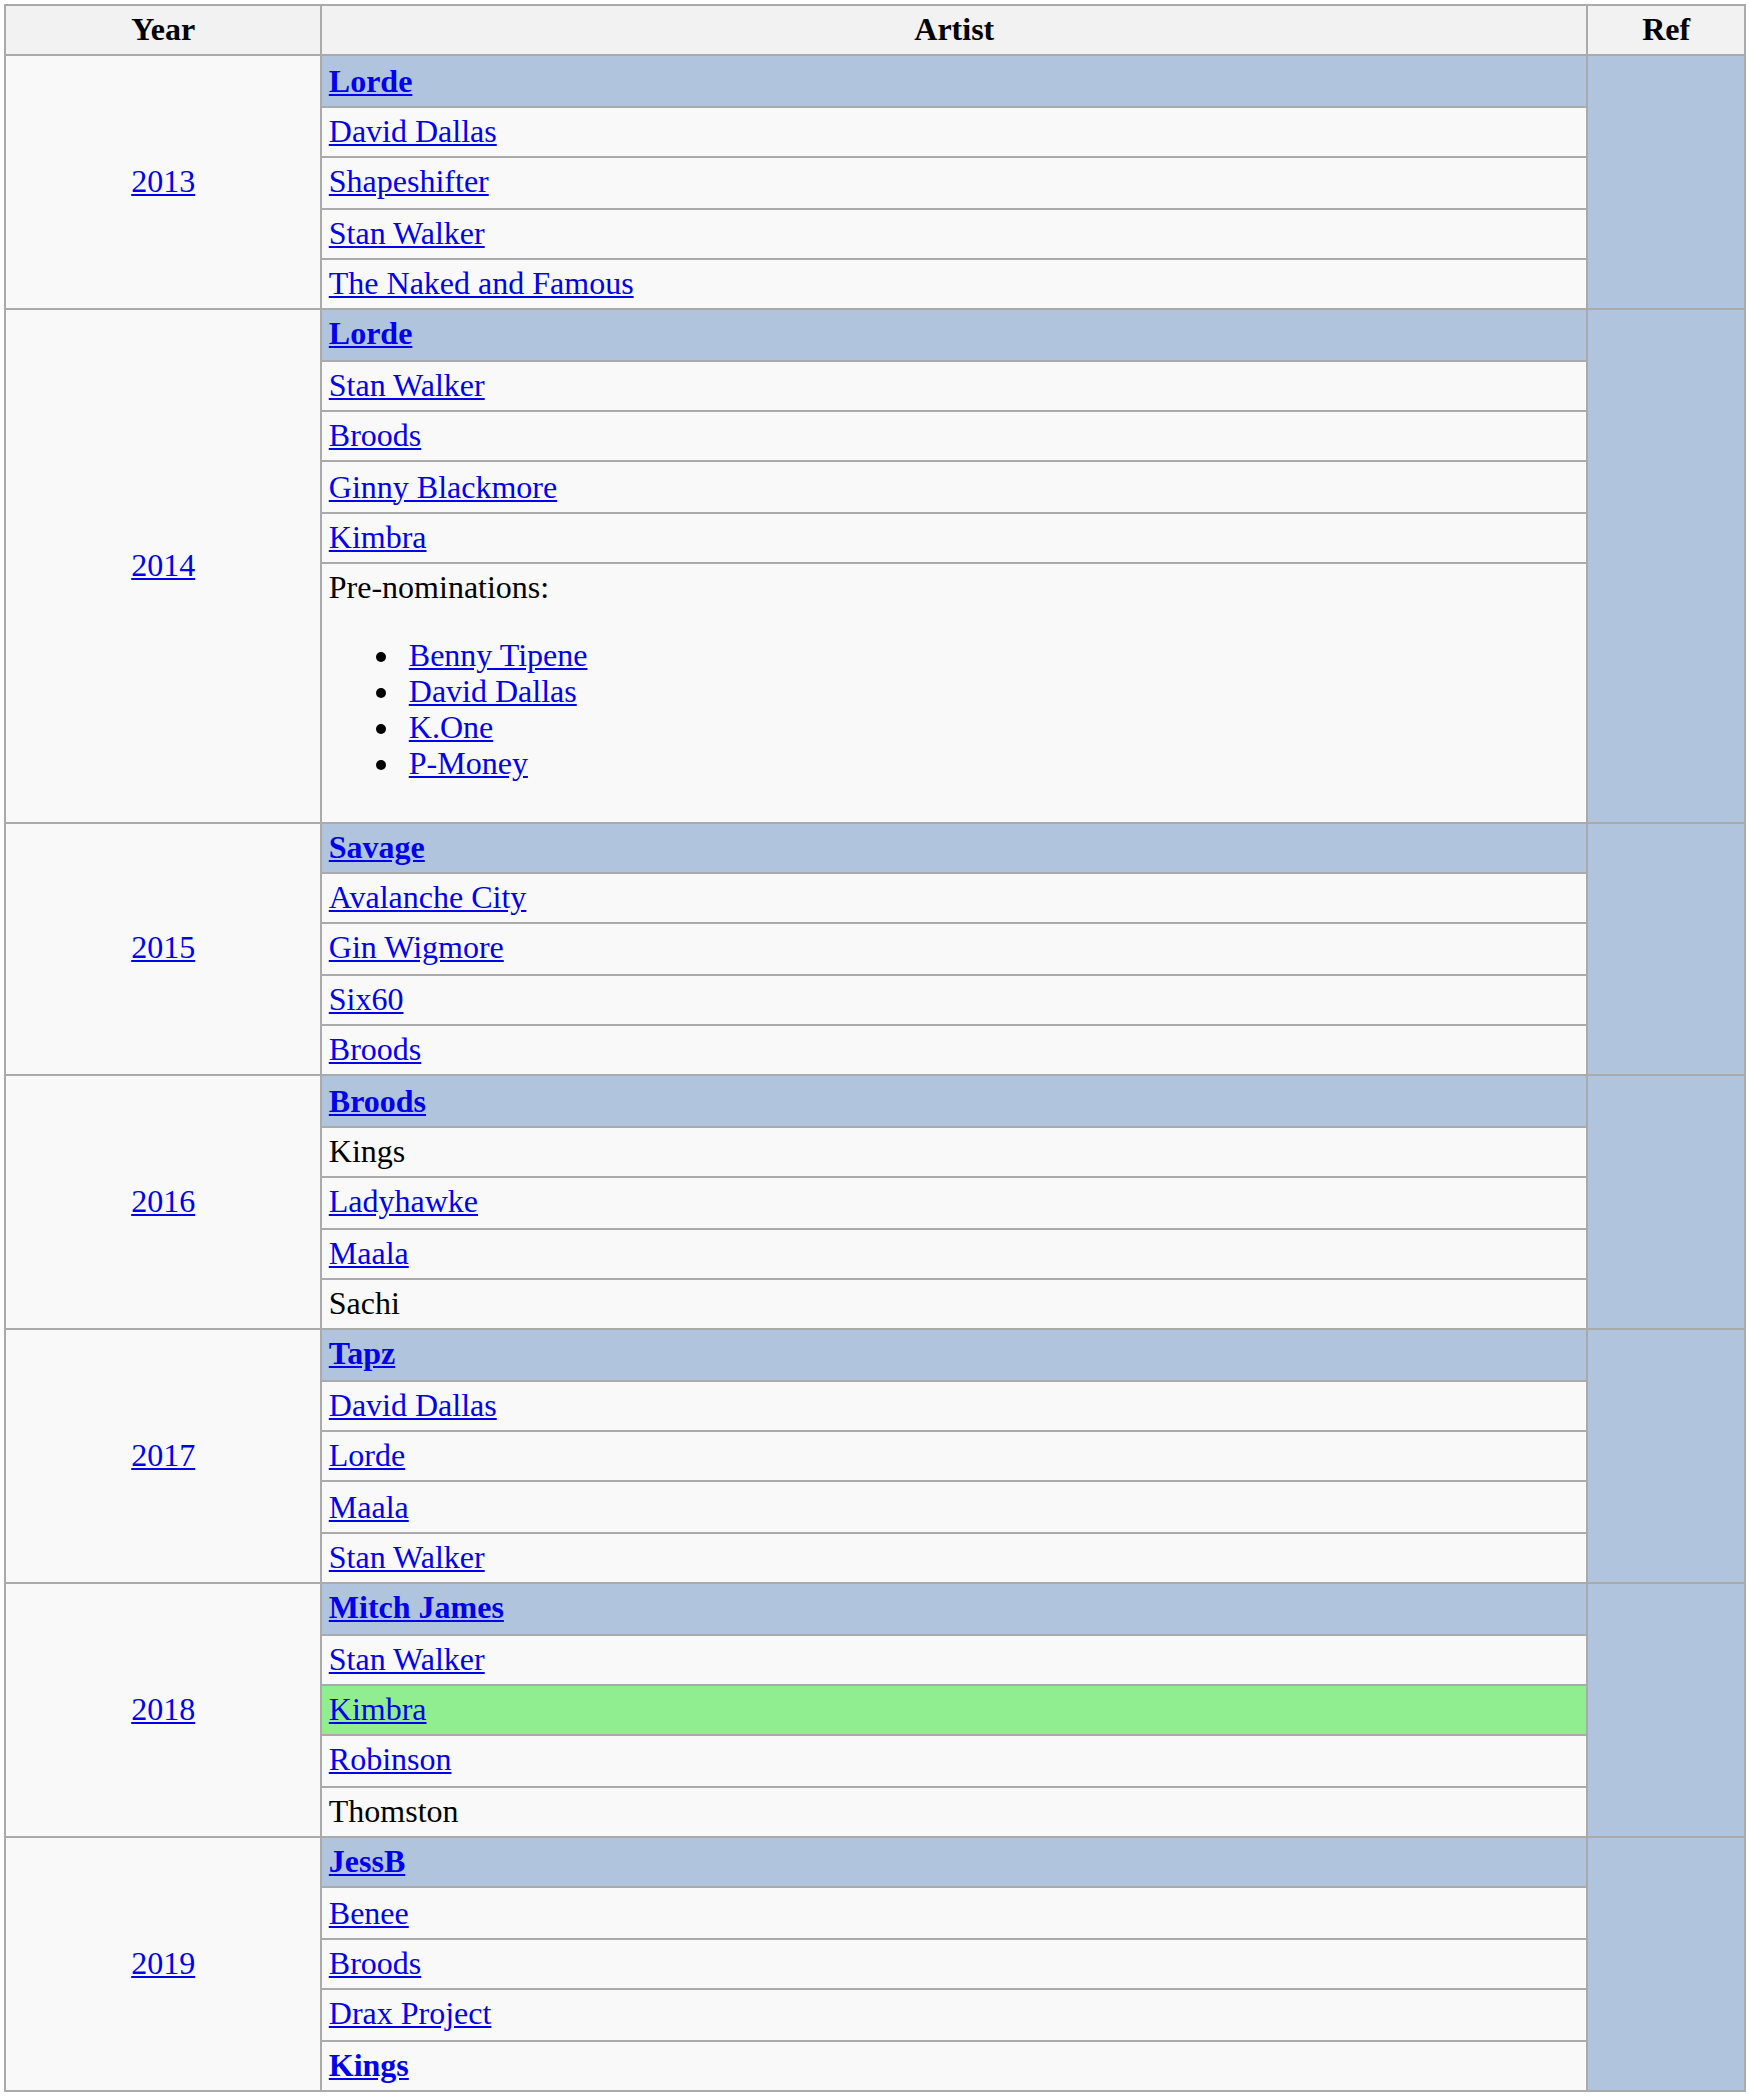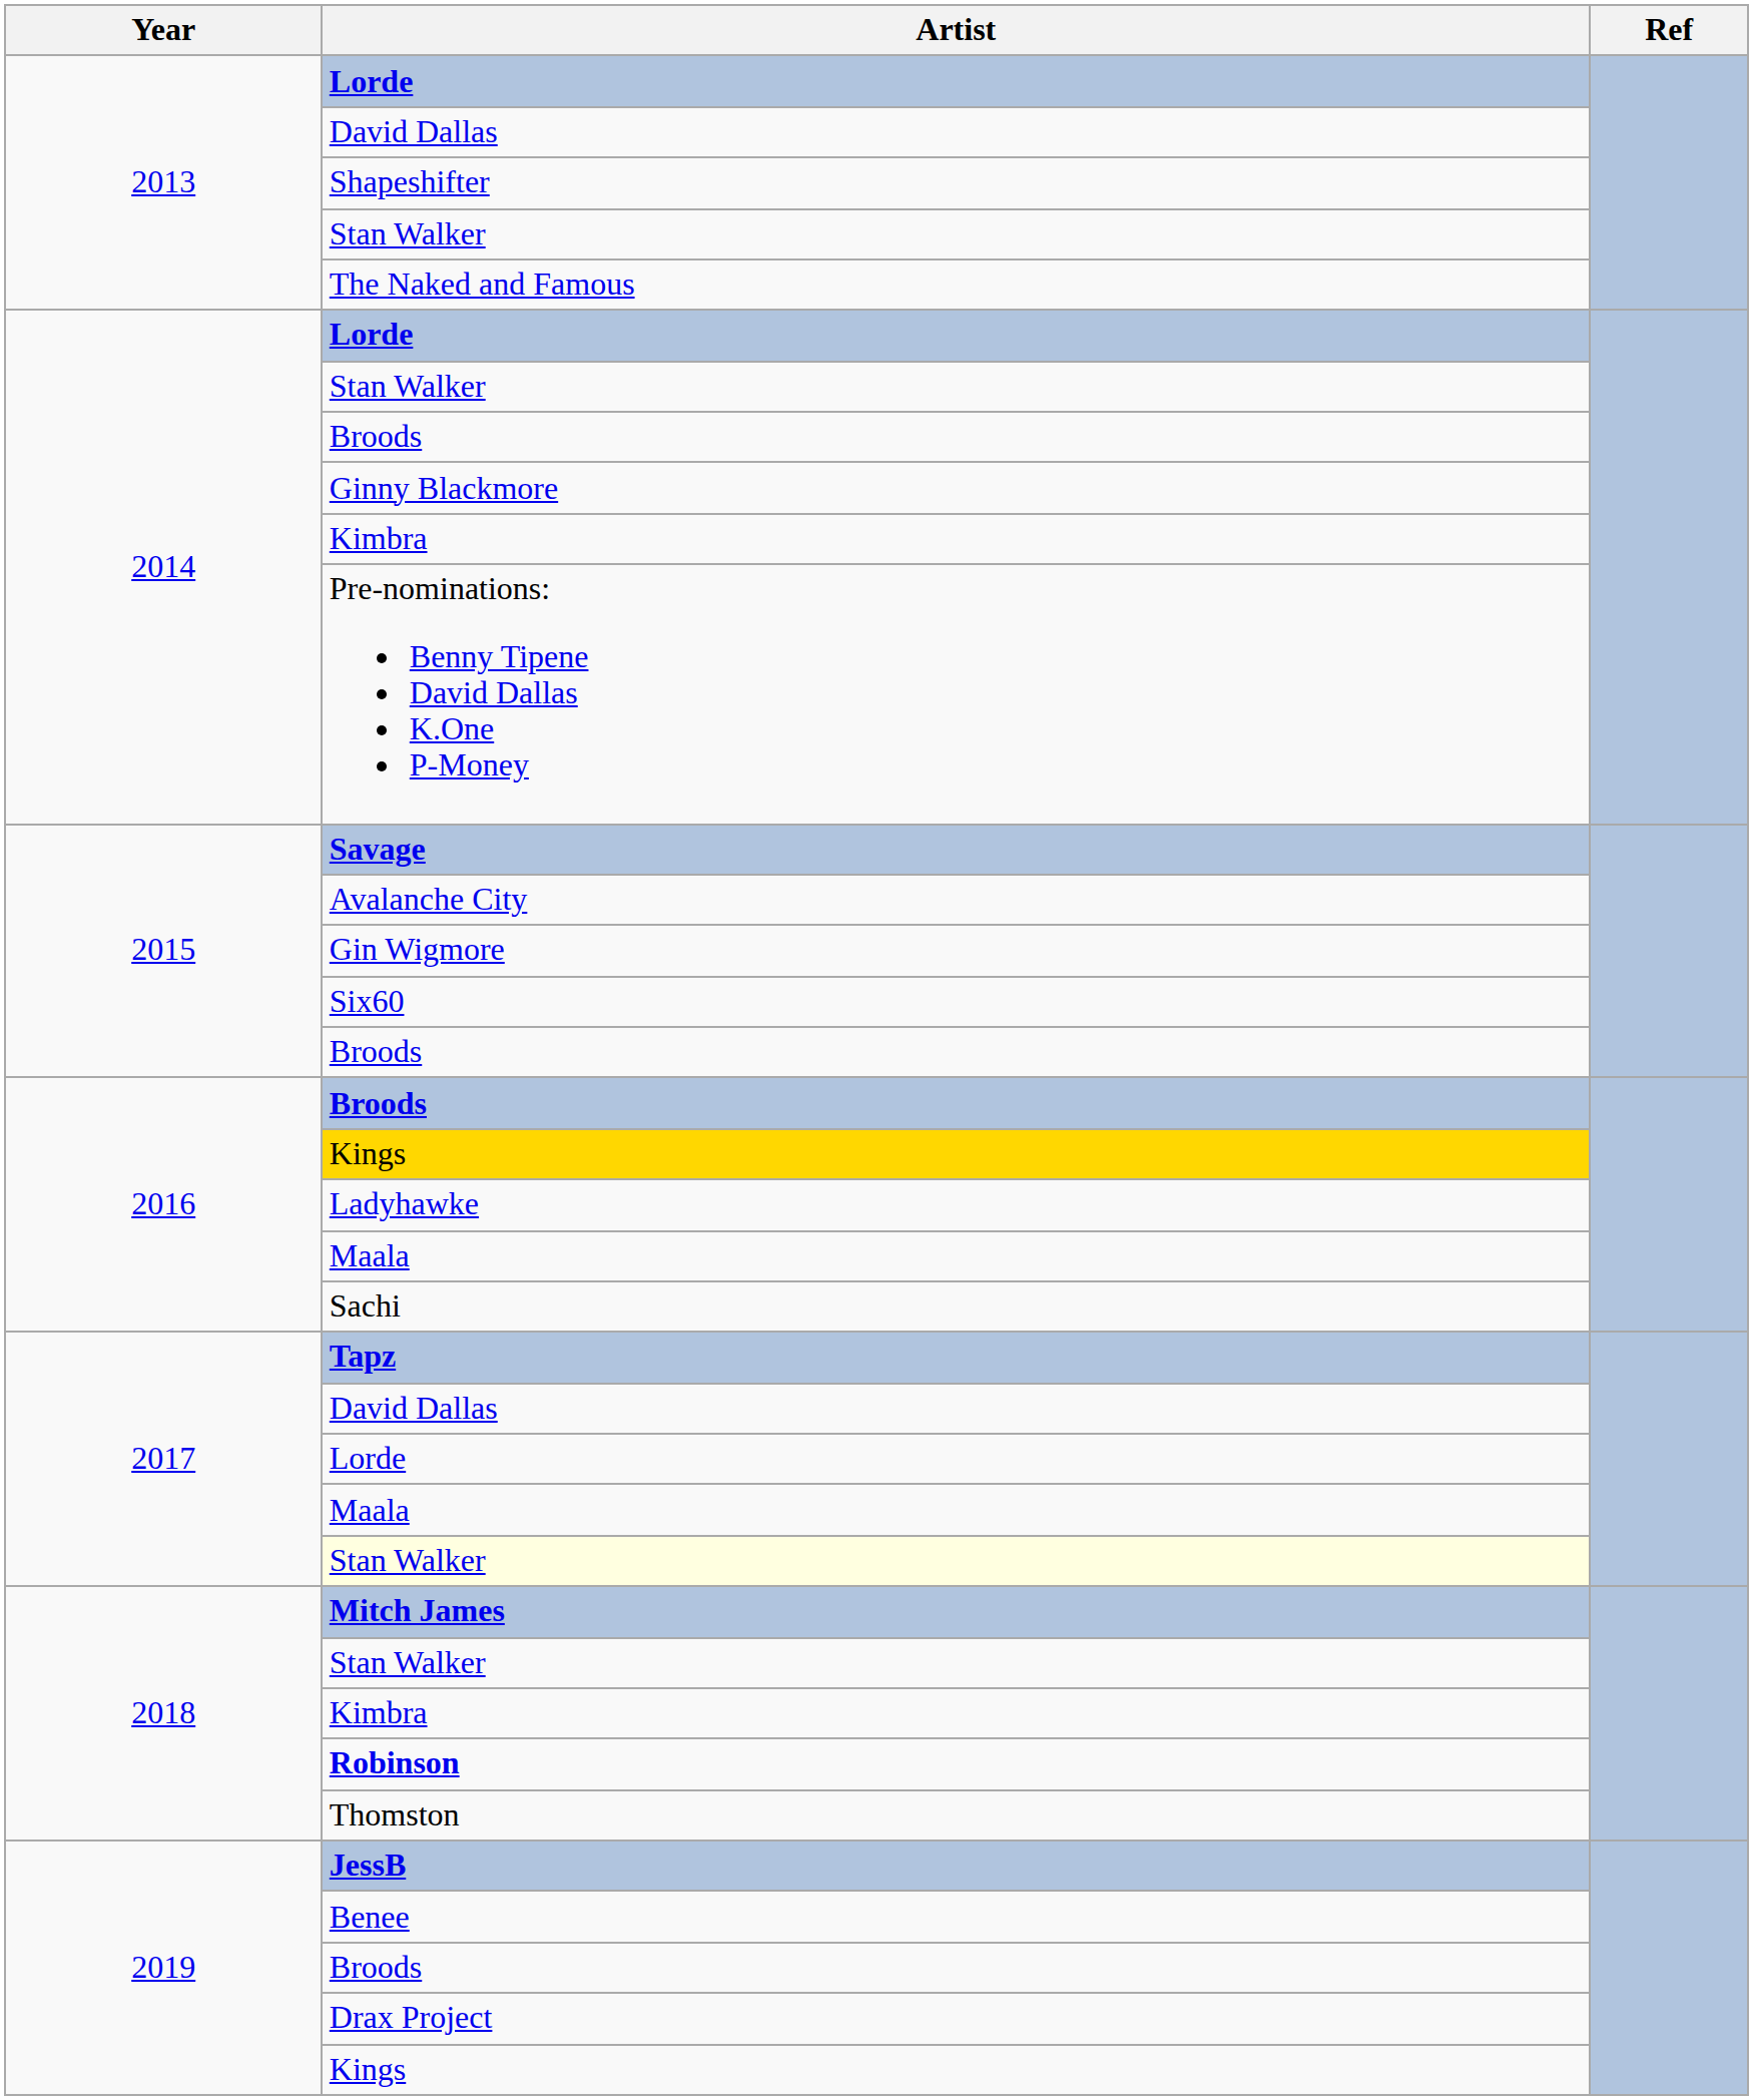 <table class="wikitable" style="width:55%;">
 <tr style="background:#bebebe;">
 <th style="width:10%;">Year</th>
 <th style="width:40%;">Artist</th>
 <th style="width:5%;">Ref</th>
 </tr>
 <tr>
 <td rowspan="6" align="center"><a href='#'>2013</a></td>
 </tr>
 <tr style="background:#B0C4DE">
 <td><strong><a href='#'>Lorde</a></strong></td>
 <td rowspan="6" align="center"></td>
 </tr>
 <tr>
 <td><a href='#'>David Dallas</a></td>
 </tr>
 <tr>
 <td><a href='#'>Shapeshifter</a></td>
 </tr>
 <tr>
 <td><a href='#'>Stan Walker</a></td>
 </tr>
 <tr>
 <td><a href='#'>The Naked and Famous</a></td>
 </tr>
 <tr>
 <td rowspan="7" align="center"><a href='#'>2014</a></td>
 </tr>
 <tr style="background:#B0C4DE">
 <td><strong><a href='#'>Lorde</a></strong></td>
 <td rowspan="7" align="center"></td>
 </tr>
 <tr>
 <td><a href='#'>Stan Walker</a></td>
 </tr>
 <tr>
 <td><a href='#'>Broods</a></td>
 </tr>
 <tr>
 <td><a href='#'>Ginny Blackmore</a></td>
 </tr>
 <tr>
 <td><a href='#'>Kimbra</a></td>
 </tr>
 <tr>
 <td>Pre-nominations:<br><ul><li><a href='#'>Benny Tipene</a></li><li><a href='#'>David Dallas</a></li><li><a href='#'>K.One</a></li><li><a href='#'>P-Money</a></li></ul></td>
 </tr>
 <tr>
 <td rowspan="6" align="center"><a href='#'>2015</a></td>
 </tr>
 <tr style="background:#B0C4DE">
 <td><strong><a href='#'>Savage</a></strong></td>
 <td rowspan="6" align="center"></td>
 </tr>
 <tr>
 <td><a href='#'>Avalanche City</a></td>
 </tr>
 <tr>
 <td><a href='#'>Gin Wigmore</a></td>
 </tr>
 <tr>
 <td><a href='#'>Six60</a></td>
 </tr>
 <tr>
 <td><a href='#'>Broods</a></td>
 </tr>
 <tr>
 <td rowspan="6" align="center"><a href='#'>2016</a></td>
 </tr>
 <tr style="background:#B0C4DE">
 <td><strong><a href='#'>Broods</a></strong></td>
 <td rowspan="6" align="center"></td>
 </tr>
 <tr>
-<td>Kings</td>
+<td style="background: gold;">Kings</td>
 </tr>
 <tr>
 <td><a href='#'>Ladyhawke</a></td>
 </tr>
 <tr>
 <td><a href='#'>Maala</a></td>
 </tr>
 <tr>
 <td>Sachi</td>
 </tr>
 <tr>
 <td rowspan="6" align="center"><a href='#'>2017</a></td>
 </tr>
 <tr style="background:#B0C4DE">
 <td><strong><a href='#'>Tapz</a></strong></td>
 <td rowspan="6" align="center"></td>
 </tr>
 <tr>
 <td><a href='#'>David Dallas</a></td>
 </tr>
 <tr>
 <td><a href='#'>Lorde</a></td>
 </tr>
 <tr>
 <td><a href='#'>Maala</a></td>
 </tr>
 <tr>
-<td><a href='#'>Stan Walker</a></td>
+<td style="background: lightyellow;"><a href='#'>Stan Walker</a></td>
 </tr>
 <tr>
 <td rowspan="6" align="center"><a href='#'>2018</a></td>
 </tr>
 <tr style="background:#B0C4DE">
 <td><strong><a href='#'>Mitch James</a></strong></td>
 <td rowspan="6" align="center"></td>
 </tr>
 <tr>
 <td><a href='#'>Stan Walker</a></td>
 </tr>
 <tr>
-<td style="background: lightgreen;"><a href='#'>Kimbra</a></td>
+<td><a href='#'>Kimbra</a></td>
 </tr>
 <tr>
-<td><a href='#'>Robinson</a></td>
+<td><strong><a href='#'>Robinson</a></strong></td>
 </tr>
 <tr>
 <td>Thomston</td>
 </tr>
 <tr>
 <td rowspan="6" align="center"><a href='#'>2019</a></td>
 </tr>
 <tr style="background:#B0C4DE">
 <td><strong><a href='#'>JessB</a></strong></td>
 <td rowspan="6" align="center"></td>
 </tr>
 <tr>
 <td><a href='#'>Benee</a></td>
 </tr>
 <tr>
 <td><a href='#'>Broods</a></td>
 </tr>
 <tr>
 <td><a href='#'>Drax Project</a></td>
 </tr>
 <tr>
-<td><strong><a href='#'>Kings</a></strong></td>
+<td><a href='#'>Kings</a></td>
 </tr>
 </table>
